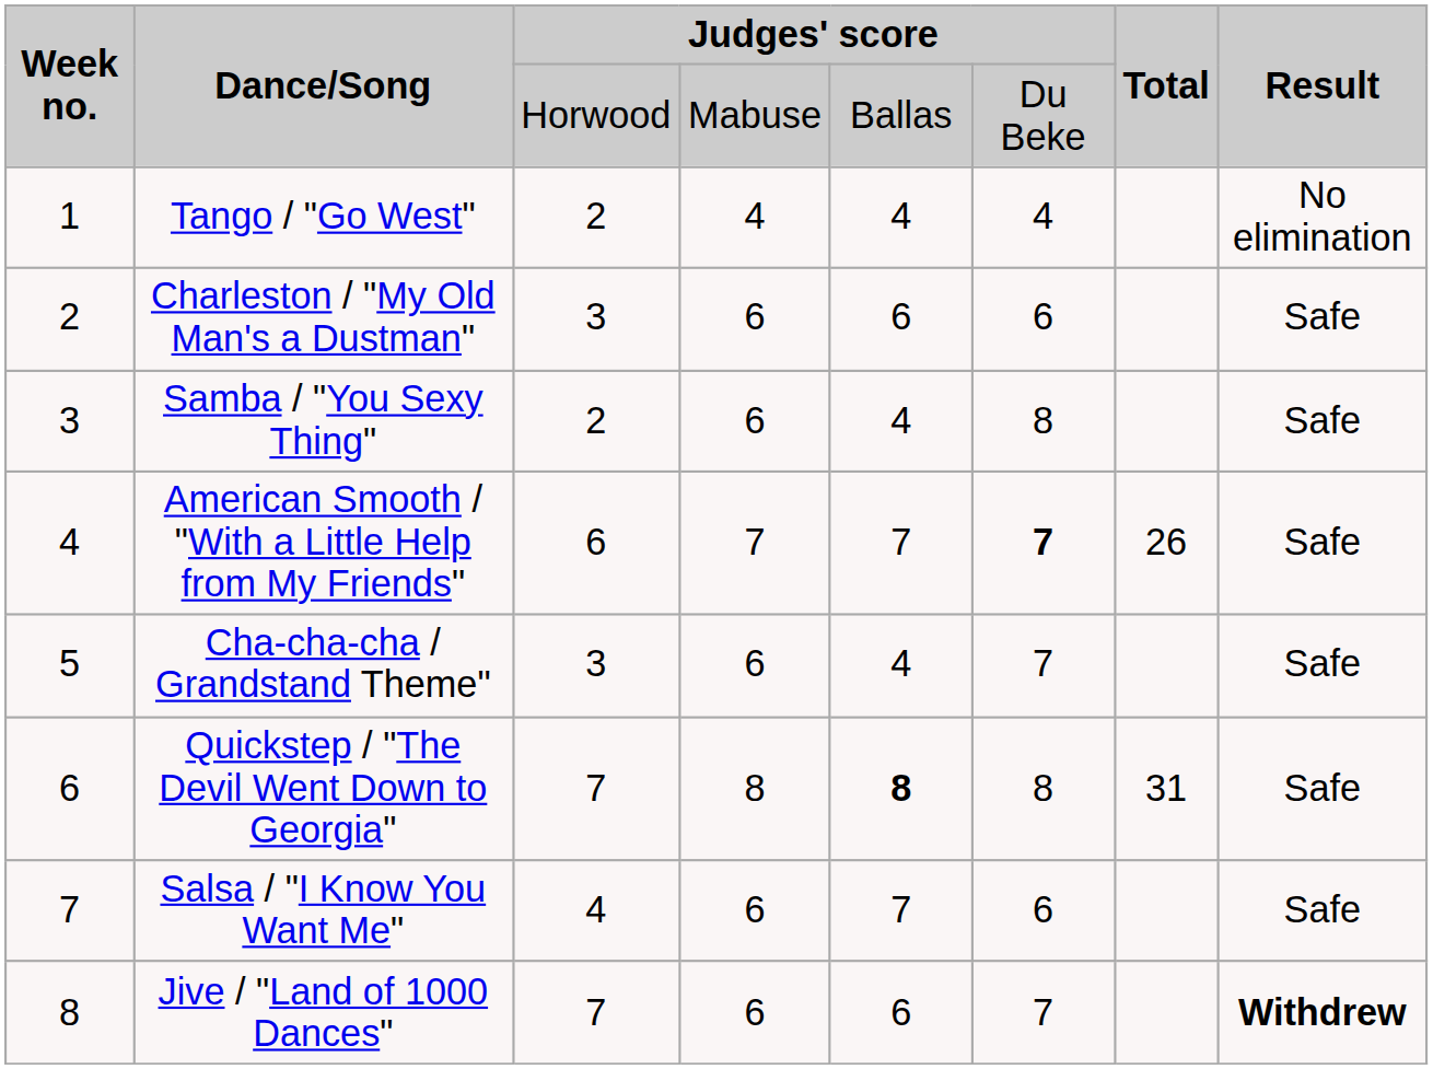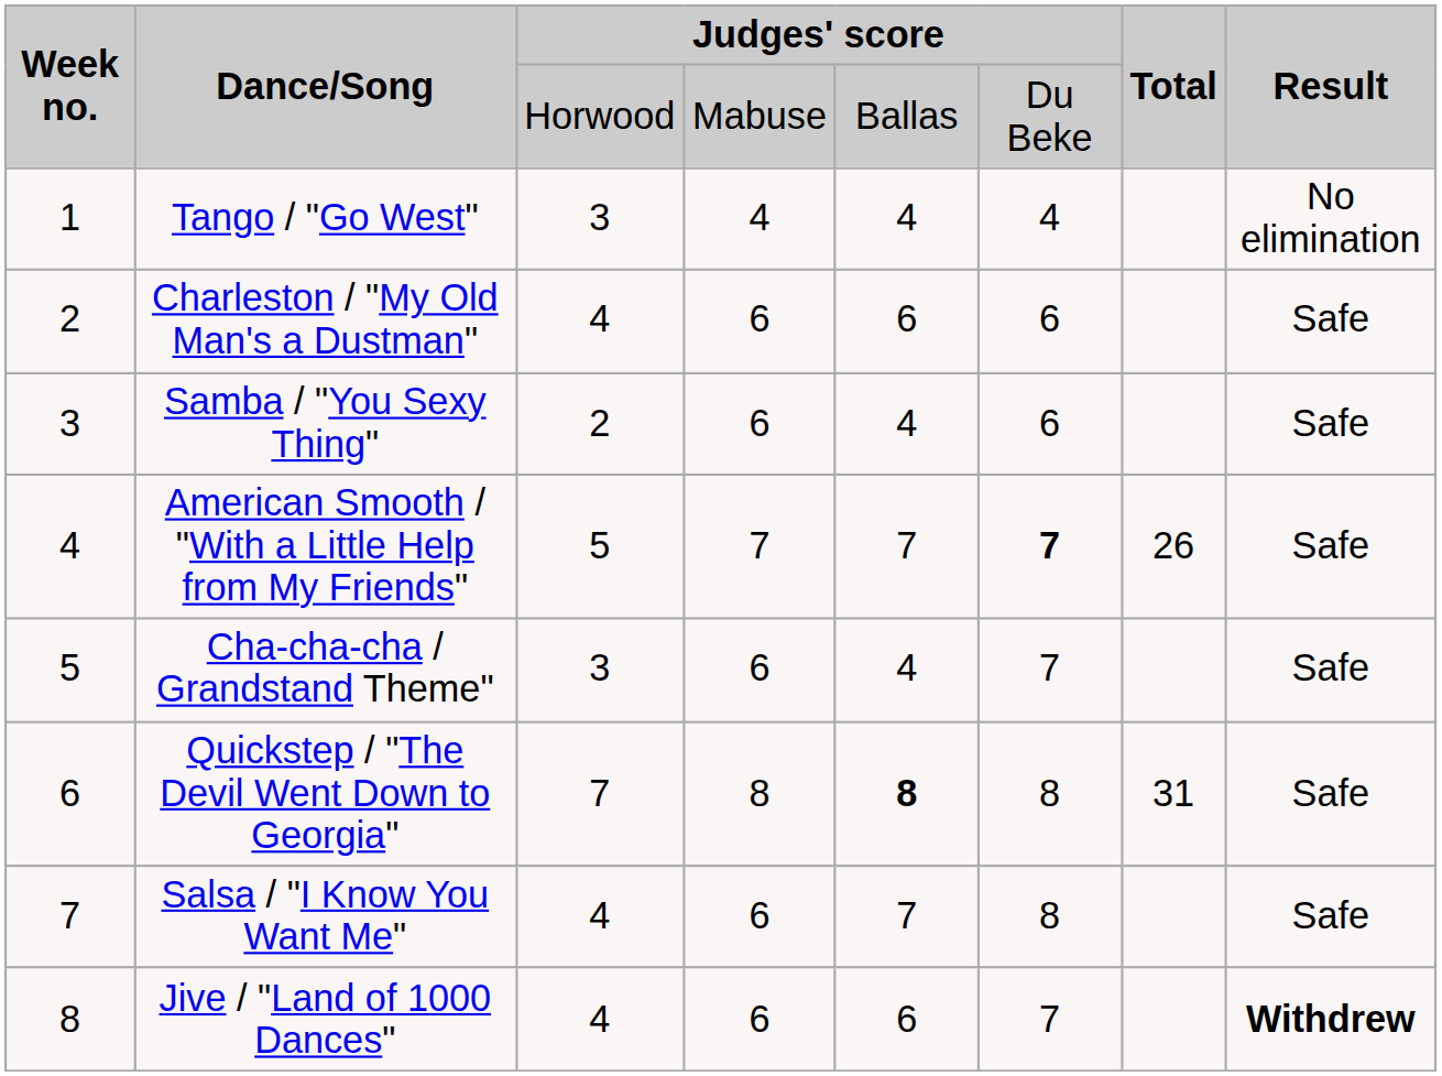 <table class="wikitable collapsible collapsed">
 <tr>
 <th rowspan="2" style="background:#ccc; text-align:Center;">Week no.</th>
 <th rowspan="2" style="background:#ccc; text-align:Center;">Dance/Song</th>
 <th colspan="4" style="background:#ccc; text-align:Center;">Judges' score</th>
 <th rowspan="2" style="background:#ccc; text-align:Center;">Total</th>
 <th rowspan="2" style="background:#ccc; text-align:Center;">Result</th>
 </tr>
 <tr style="text-align:center; background:#ccc;">
 <td style="width:10%; ">Horwood</td>
 <td style="width:10%; ">Mabuse</td>
 <td style="width:10%; ">Ballas</td>
 <td style="width:10%; ">Du Beke</td>
 </tr>
 <tr style="text-align:center; background:#faf6f6">
 <td>1</td>
 <td style="text-align:center; background:#faf6f6;"><a href='#'>Tango</a> / "<a href='#'>Go West</a>"</td>
-<td style="text-align:center; background:#faf6f6;">2</td>
+<td style="text-align:center; background:#faf6f6;">3</td>
 <td style="text-align:center; background:#faf6f6;">4</td>
 <td style="text-align:center; background:#faf6f6;">4</td>
 <td style="text-align:center; background:#faf6f6;">4</td>
 <td style="text-align:center; background:#faf6f6;"></td>
 <td style="text-align:center; background:#faf6f6;">No elimination</td>
 </tr>
 <tr>
 <td style="text-align:center; background:#faf6f6;">2</td>
 <td style="text-align:center; background:#faf6f6;"><a href='#'>Charleston</a> / "<a href='#'>My Old Man's a Dustman</a>"</td>
-<td style="text-align:center; background:#faf6f6;">3</td>
+<td style="text-align:center; background:#faf6f6;">4</td>
 <td style="text-align:center; background:#faf6f6;">6</td>
 <td style="text-align:center; background:#faf6f6;">6</td>
 <td style="text-align:center; background:#faf6f6;">6</td>
 <td style="text-align:center; background:#faf6f6;"></td>
 <td style="text-align:center; background:#faf6f6;">Safe</td>
 </tr>
 <tr>
 <td style="text-align:center; background:#faf6f6;">3</td>
 <td style="text-align:center; background:#faf6f6;"><a href='#'>Samba</a> / "<a href='#'>You Sexy Thing</a>"</td>
 <td style="text-align:center; background:#faf6f6;">2</td>
 <td style="text-align:center; background:#faf6f6;">6</td>
 <td style="text-align:center; background:#faf6f6;">4</td>
-<td style="text-align:center; background:#faf6f6;">8</td>
+<td style="text-align:center; background:#faf6f6;">6</td>
 <td style="text-align:center; background:#faf6f6;"></td>
 <td style="text-align:center; background:#faf6f6;">Safe</td>
 </tr>
 <tr>
 <td style="text-align:center; background:#faf6f6;">4</td>
 <td style="text-align:center; background:#faf6f6;"><a href='#'>American Smooth</a> / "<a href='#'>With a Little Help from My Friends</a>"</td>
-<td style="text-align:center; background:#faf6f6;">6</td>
+<td style="text-align:center; background:#faf6f6;">5</td>
 <td style="text-align:center; background:#faf6f6;">7</td>
 <td style="text-align:center; background:#faf6f6;">7</td>
 <td style="text-align:center; background:#faf6f6;"><strong>7</strong></td>
 <td style="text-align:center; background:#faf6f6;">26</td>
 <td style="text-align:center; background:#faf6f6;">Safe</td>
 </tr>
 <tr>
 <td style="text-align:center; background:#faf6f6;">5</td>
 <td style="text-align:center; background:#faf6f6;"><a href='#'>Cha-cha-cha</a> / <a href='#'>Grandstand</a> Theme"</td>
 <td style="text-align:center; background:#faf6f6;">3</td>
 <td style="text-align:center; background:#faf6f6;">6</td>
 <td style="text-align:center; background:#faf6f6;">4</td>
 <td style="text-align:center; background:#faf6f6;">7</td>
 <td style="text-align:center; background:#faf6f6;"></td>
 <td style="text-align:center; background:#faf6f6;">Safe</td>
 </tr>
 <tr>
 <td style="text-align:center; background:#faf6f6;">6</td>
 <td style="text-align:center; background:#faf6f6;"><a href='#'>Quickstep</a> / "<a href='#'>The Devil Went Down to Georgia</a>"</td>
 <td style="text-align:center; background:#faf6f6;">7</td>
 <td style="text-align:center; background:#faf6f6;">8</td>
 <td style="text-align:center; background:#faf6f6;"><strong>8</strong></td>
 <td style="text-align:center; background:#faf6f6;">8</td>
 <td style="text-align:center; background:#faf6f6;">31</td>
 <td style="text-align:center; background:#faf6f6;">Safe</td>
 </tr>
 <tr>
 <td style="text-align:center; background:#faf6f6;">7</td>
 <td style="text-align:center; background:#faf6f6;"><a href='#'>Salsa</a> / "<a href='#'>I Know You Want Me</a>"</td>
 <td style="text-align:center; background:#faf6f6;">4</td>
 <td style="text-align:center; background:#faf6f6;">6</td>
 <td style="text-align:center; background:#faf6f6;">7</td>
-<td style="text-align:center; background:#faf6f6;">6</td>
+<td style="text-align:center; background:#faf6f6;">8</td>
 <td style="text-align:center; background:#faf6f6;"></td>
 <td style="text-align:center; background:#faf6f6;">Safe</td>
 </tr>
 <tr>
 <td style="text-align:center; background:#faf6f6;">8</td>
 <td style="text-align:center; background:#faf6f6;"><a href='#'>Jive</a> / "<a href='#'>Land of 1000 Dances</a>"</td>
-<td style="text-align:center; background:#faf6f6;">7</td>
+<td style="text-align:center; background:#faf6f6;">4</td>
 <td style="text-align:center; background:#faf6f6;">6</td>
 <td style="text-align:center; background:#faf6f6;">6</td>
 <td style="text-align:center; background:#faf6f6;">7</td>
 <td style="text-align:center; background:#faf6f6;"></td>
 <td style="text-align:center; background:#faf6f6;"><strong>Withdrew</strong></td>
 </tr>
 </table>
